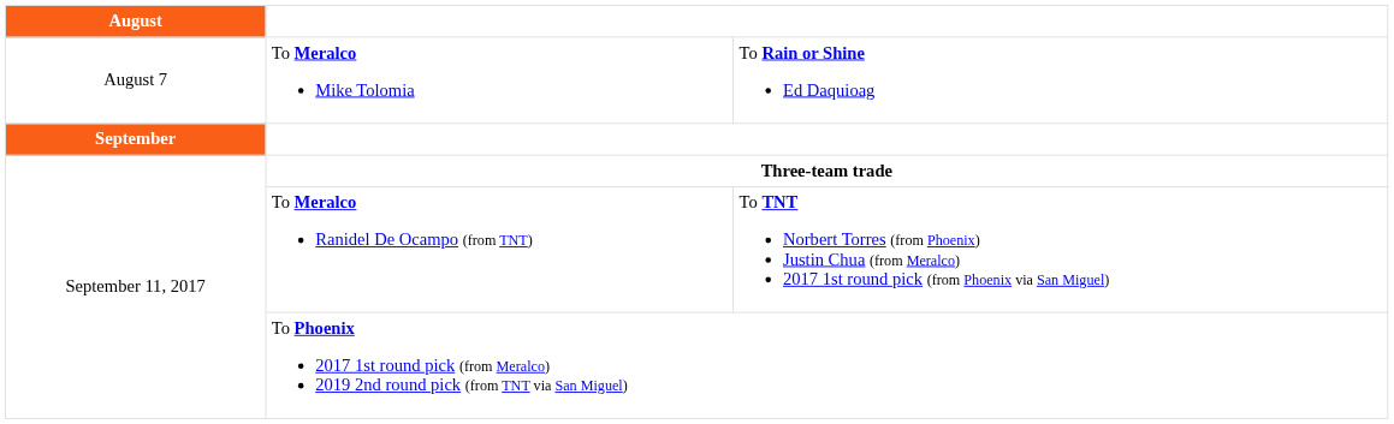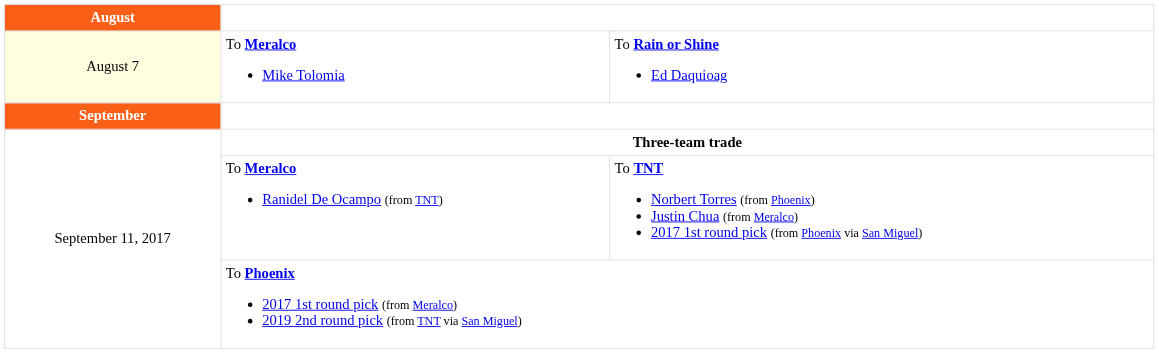 <table border=1 style="border-collapse:collapse; text-align: center; width: 100%" bordercolor="#DFDFDF"  cellpadding="5">
 <tr bgcolor="eeeeee">
 <th style="background:#F95F17; color:#FFFFFF; ">August</th>
 </tr>
 <tr>
-<td rowspan=1>August 7 </td>
+<td rowspan=1 style="background: lightyellow;">August 7 </td>
 <td align=left valign=top>To <strong><a href='#'>Meralco</a></strong><br><ul><li><a href='#'>Mike Tolomia</a></li></ul></td>
 <td align=left valign=top>To <strong><a href='#'>Rain or Shine</a></strong><br><ul><li><a href='#'>Ed Daquioag</a></li></ul></td>
 </tr>
 <tr>
 </tr>
 <tr bgcolor="eeeeee">
 <th style="background:#F95F17; color:#FFFFFF; ">September</th>
 </tr>
 <tr>
 <td rowspan=4>September 11, 2017</td>
 </tr>
 <tr>
 <td colspan=3><strong>Three-team trade</strong></td>
 </tr>
 <tr>
 <td align=left valign=top>To <strong><a href='#'>Meralco</a></strong><br><ul><li><a href='#'>Ranidel De Ocampo</a> <small>(from <a href='#'>TNT</a>)</small></li></ul></td>
 <td align=left valign=top>To <strong><a href='#'>TNT</a></strong><br><ul><li><a href='#'>Norbert Torres</a> <small>(from <a href='#'>Phoenix</a>)</small></li><li><a href='#'>Justin Chua</a> <small>(from <a href='#'>Meralco</a>)</small></li><li><a href='#'>2017 1st round pick</a> <small>(from <a href='#'>Phoenix</a> via <a href='#'>San Miguel</a>)</small></li></ul></td>
 </tr>
 <tr>
 <td colspan="2" style="text-align:left; vertical-align:top;">To <strong><a href='#'>Phoenix</a></strong><br><ul><li><a href='#'>2017 1st round pick</a> <small>(from <a href='#'>Meralco</a>)</small></li><li><a href='#'>2019 2nd round pick</a> <small>(from <a href='#'>TNT</a> via <a href='#'>San Miguel</a>)</small></li></ul></td>
 </tr>
 </table>
